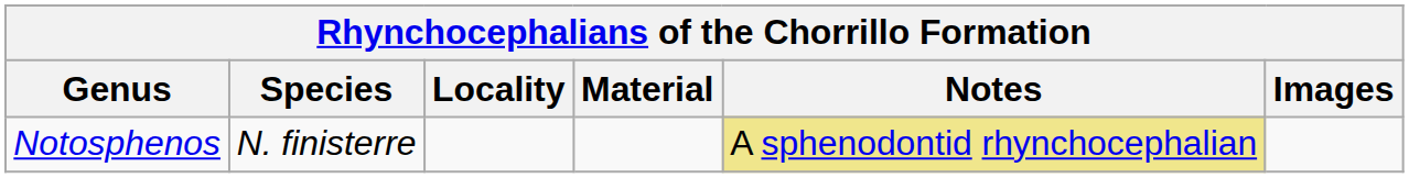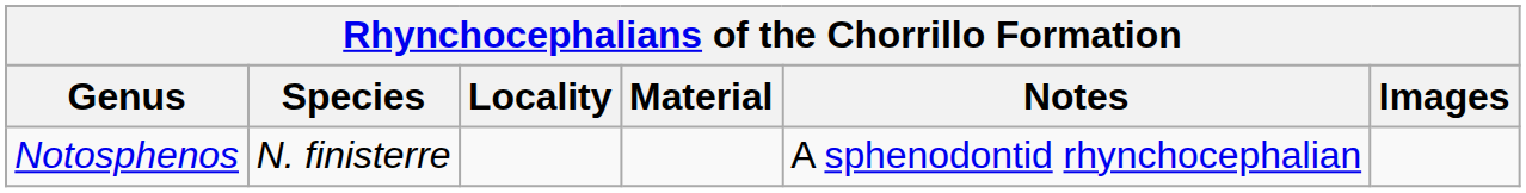 <table class="wikitable" align="center">
 <tr>
 <th colspan="7" align="center"><a href='#'>Rhynchocephalians</a> of the Chorrillo Formation</th>
 </tr>
 <tr>
 <th>Genus</th>
 <th>Species</th>
 <th>Locality</th>
 <th>Material</th>
 <th>Notes</th>
 <th>Images</th>
 </tr>
 <tr>
 <td><em><a href='#'>Notosphenos</a></em></td>
 <td><em>N. finisterre</em></td>
 <td></td>
 <td></td>
-<td style="background: khaki;">A <a href='#'>sphenodontid</a> <a href='#'>rhynchocephalian</a></td>
+<td>A <a href='#'>sphenodontid</a> <a href='#'>rhynchocephalian</a></td>
 <td></td>
 </tr>
 </table>
